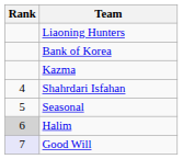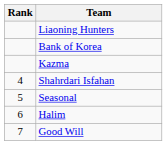 <table class="wikitable" style="text-align: center;">
 <tr>
 <th width=40>Rank</th>
 <th width=180>Team</th>
 </tr>
 <tr>
 <td></td>
 <td align=left> <a href='#'>Liaoning Hunters</a></td>
 </tr>
 <tr>
 <td></td>
 <td align=left> <a href='#'>Bank of Korea</a></td>
 </tr>
 <tr>
 <td></td>
 <td align=left> <a href='#'>Kazma</a></td>
 </tr>
 <tr>
 <td>4</td>
 <td align=left> <a href='#'>Shahrdari Isfahan</a></td>
 </tr>
 <tr>
 <td>5</td>
 <td align=left> <a href='#'>Seasonal</a></td>
 </tr>
 <tr>
-<td style="background: lightgrey;">6</td>
+<td>6</td>
 <td align=left> <a href='#'>Halim</a></td>
 </tr>
 <tr>
-<td style="background: lavender;">7</td>
+<td>7</td>
 <td align=left> <a href='#'>Good Will</a></td>
 </tr>
 </table>
